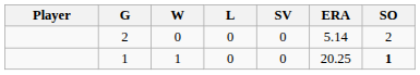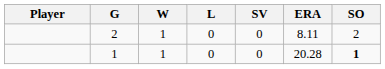 <table class="wikitable sortable">
 <tr>
 <th bgcolor="#DDDDFF" width="16%">Player</th>
 <th bgcolor="#DDDDFF" width="9%">G</th>
 <th bgcolor="#DDDDFF" width="9%">W</th>
 <th bgcolor="#DDDDFF" width="9%">L</th>
 <th bgcolor="#DDDDFF" width="9%">SV</th>
 <th bgcolor="#DDDDFF" width="9%">ERA</th>
 <th bgcolor="#DDDDFF" width="9%">SO</th>
 </tr>
 <tr align="center">
 <td></td>
 <td>2</td>
+<td>1</td>
 <td>0</td>
 <td>0</td>
-<td>0</td>
-<td>5.14</td>
+<td>8.11</td>
 <td>2</td>
 </tr>
 <tr align="center">
 <td></td>
 <td>1</td>
 <td>1</td>
 <td>0</td>
 <td>0</td>
-<td>20.25</td>
+<td>20.28</td>
 <td><strong>1</strong></td>
 </tr>
 </table>
